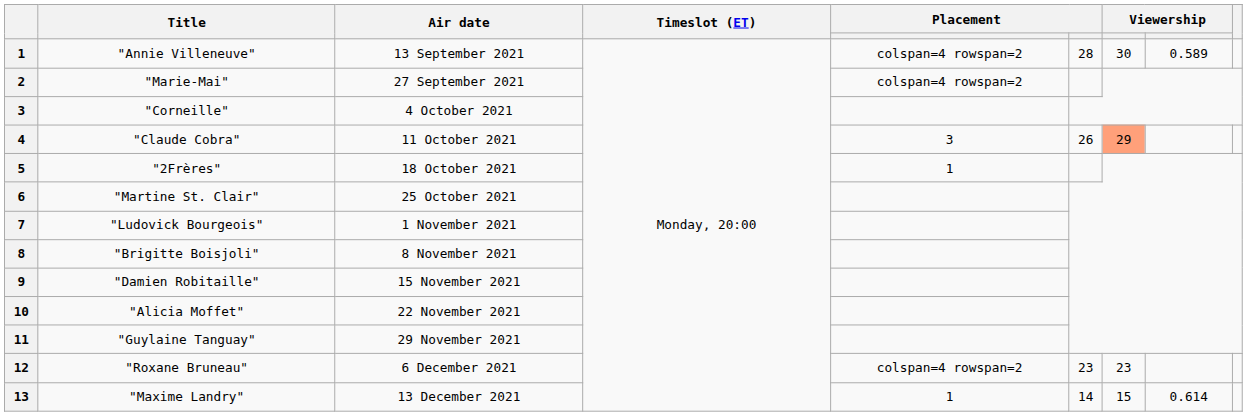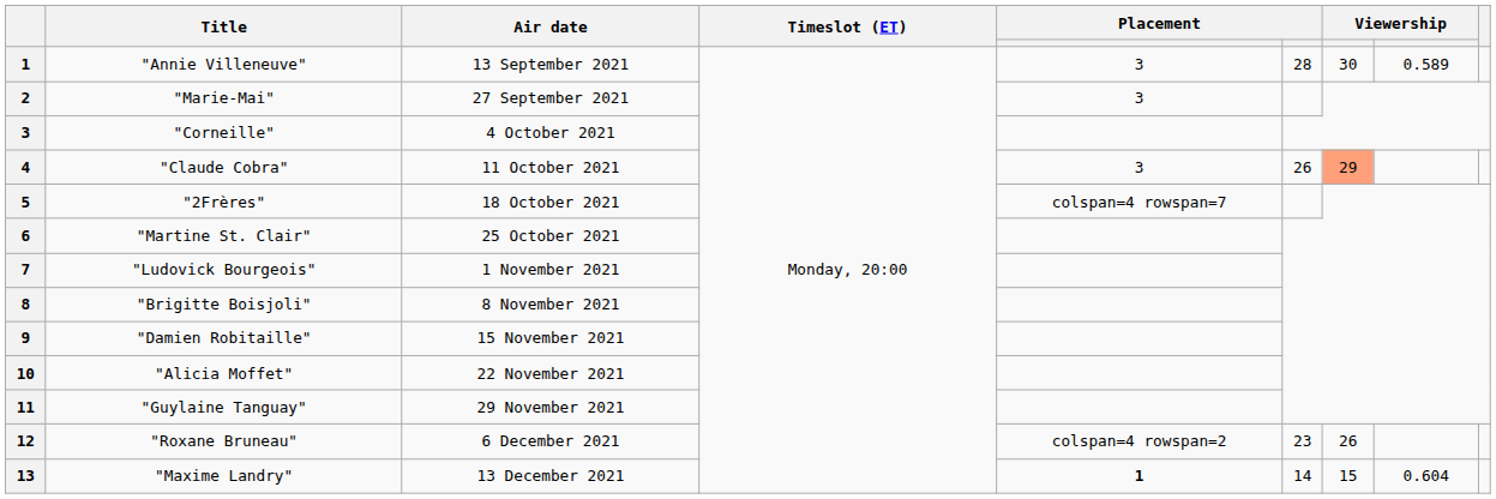 <table class="sortable wikitable plainrowheaders mw-collapsible" style=" text-align:center; line-height:23px; width:100%;">
 <tr>
 <th rowspan=2 class="unsortable"></th>
 <th rowspan=2 class="unsortable" width=24%>Title</th>
 <th rowspan=2 class="unsortable" width=20%>Air date</th>
 <th rowspan=2 class="unsortable" width=20%>Timeslot (<a href='#'>ET</a>)</th>
 <th colspan=2>Placement</th>
 <th colspan=2>Viewership</th>
 <th rowspan=2 class="unsortable"></th>
 </tr>
 <tr>
 <th class="unsortable"></th>
 <th class="unsortable"></th>
 <th class="unsortable"></th>
 <th></th>
 </tr>
 <tr>
 <th>1</th>
 <td>"Annie Villeneuve"</td>
 <td>13 September 2021</td>
 <td rowspan=13>Monday, 20:00</td>
-<td>colspan=4 rowspan=2 </td>
+<td>3</td>
 <td>28</td>
 <td>30</td>
 <td>0.589</td>
 <td></td>
 </tr>
 <tr>
 <th>2</th>
 <td>"Marie-Mai"</td>
 <td>27 September 2021</td>
-<td>colspan=4 rowspan=2 </td>
+<td>3</td>
 <td></td>
 </tr>
 <tr>
 <th>3</th>
 <td>"Corneille"</td>
 <td>4 October 2021</td>
 <td></td>
 </tr>
 <tr>
 <th>4</th>
 <td>"Claude Cobra"</td>
 <td>11 October 2021</td>
 <td>3</td>
 <td>26</td>
 <td style="background: lightsalmon;">29</td>
 <td></td>
 <td></td>
 </tr>
 <tr>
 <th>5</th>
 <td>"2Frères"</td>
 <td>18 October 2021</td>
-<td>1</td>
+<td>colspan=4 rowspan=7 </td>
 <td></td>
 </tr>
 <tr>
 <th>6</th>
 <td>"Martine St. Clair"</td>
 <td>25 October 2021</td>
 <td></td>
 </tr>
 <tr>
 <th>7</th>
 <td>"Ludovick Bourgeois"</td>
 <td>1 November 2021</td>
 <td></td>
 </tr>
 <tr>
 <th>8</th>
 <td>"Brigitte Boisjoli"</td>
 <td>8 November 2021</td>
 <td></td>
 </tr>
 <tr>
 <th>9</th>
 <td>"Damien Robitaille"</td>
 <td>15 November 2021</td>
 <td></td>
 </tr>
 <tr>
 <th>10</th>
 <td>"Alicia Moffet"</td>
 <td>22 November 2021</td>
 <td></td>
 </tr>
 <tr>
 <th>11</th>
 <td>"Guylaine Tanguay"</td>
 <td>29 November 2021</td>
 <td></td>
 </tr>
 <tr>
 <th>12</th>
 <td>"Roxane Bruneau"</td>
 <td>6 December 2021</td>
 <td>colspan=4 rowspan=2 </td>
 <td>23</td>
-<td>23</td>
+<td>26</td>
 <td></td>
 <td></td>
 </tr>
 <tr>
 <th>13</th>
 <td>"Maxime Landry"</td>
 <td>13 December 2021</td>
-<td>1</td>
+<td><strong>1</strong></td>
 <td>14</td>
 <td>15</td>
-<td>0.614</td>
+<td>0.604</td>
 <td></td>
 </tr>
 </table>
